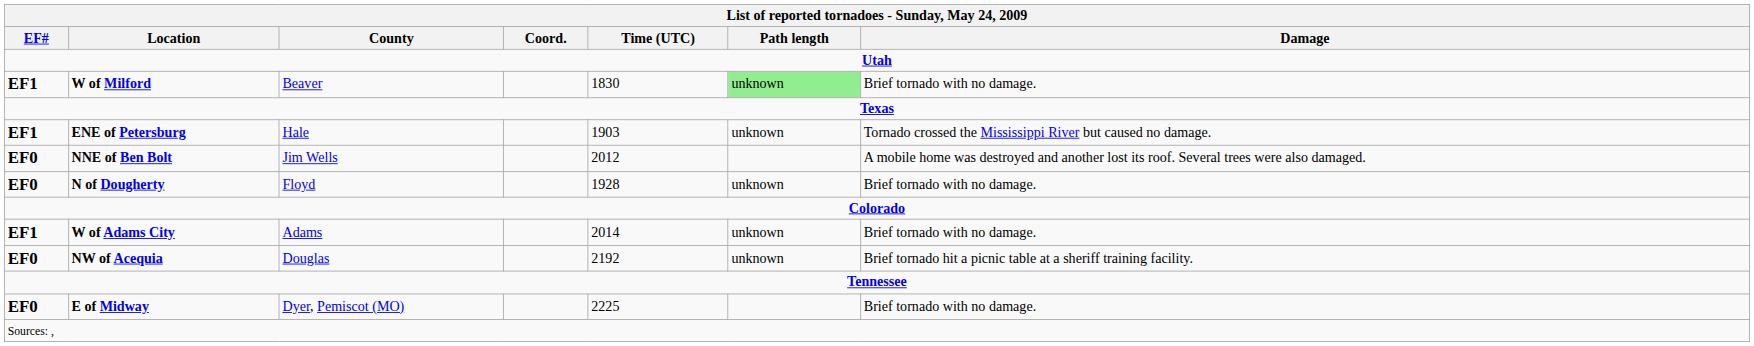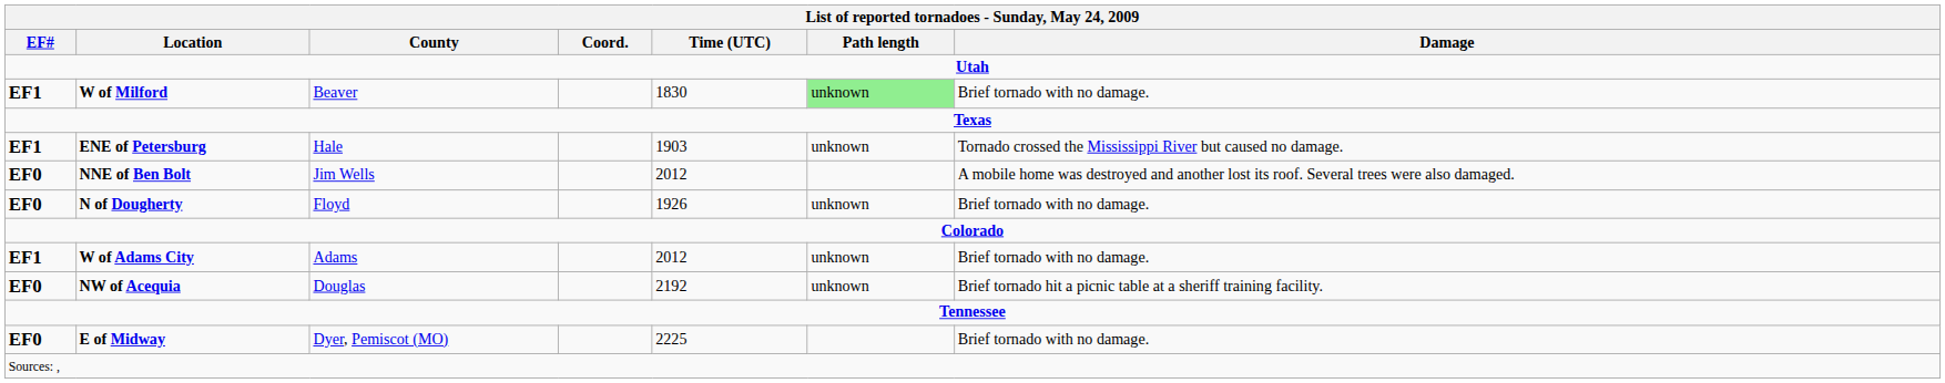 <table class="wikitable collapsible" width="100%">
 <tr>
 <th colspan="7">List of reported tornadoes - Sunday, May 24, 2009</th>
 </tr>
 <tr>
 <th><a href='#'>EF#</a></th>
 <th>Location</th>
 <th>County</th>
 <th>Coord.</th>
 <th>Time (UTC)</th>
 <th>Path length</th>
 <th>Damage</th>
 </tr>
 <tr>
 <td colspan="7" align=center><strong><a href='#'>Utah</a></strong></td>
 </tr>
 <tr>
 <td><big><strong>EF1</strong></big></td>
 <td><strong>W of <a href='#'>Milford</a></strong></td>
 <td><a href='#'>Beaver</a></td>
 <td></td>
 <td>1830</td>
 <td style="background: lightgreen;">unknown</td>
 <td>Brief tornado with no damage.</td>
 </tr>
 <tr>
 <td colspan="7" align=center><strong><a href='#'>Texas</a></strong></td>
 </tr>
 <tr>
 <td><big><strong>EF1</strong></big></td>
 <td><strong>ENE of <a href='#'>Petersburg</a></strong></td>
 <td><a href='#'>Hale</a></td>
 <td></td>
 <td>1903</td>
 <td>unknown</td>
 <td>Tornado crossed the <a href='#'>Mississippi River</a> but caused no damage.</td>
 </tr>
 <tr>
 <td><big><strong>EF0</strong></big></td>
 <td><strong>NNE of <a href='#'>Ben Bolt</a></strong></td>
 <td><a href='#'>Jim Wells</a></td>
 <td></td>
 <td>2012</td>
 <td></td>
 <td>A mobile home was destroyed and another lost its roof. Several trees were also damaged.</td>
 </tr>
 <tr>
 <td><big><strong>EF0</strong></big></td>
 <td><strong>N of <a href='#'>Dougherty</a></strong></td>
 <td><a href='#'>Floyd</a></td>
 <td></td>
-<td>1928</td>
+<td>1926</td>
 <td>unknown</td>
 <td>Brief tornado with no damage.</td>
 </tr>
 <tr>
 <td colspan="7" align=center><strong><a href='#'>Colorado</a></strong></td>
 </tr>
 <tr>
 <td><big><strong>EF1</strong></big></td>
 <td><strong>W of <a href='#'>Adams City</a></strong></td>
 <td><a href='#'>Adams</a></td>
 <td></td>
-<td>2014</td>
+<td>2012</td>
 <td>unknown</td>
 <td>Brief tornado with no damage.</td>
 </tr>
 <tr>
 <td><big><strong>EF0</strong></big></td>
 <td><strong>NW of <a href='#'>Acequia</a></strong></td>
 <td><a href='#'>Douglas</a></td>
 <td></td>
 <td>2192</td>
 <td>unknown</td>
 <td>Brief tornado hit a picnic table at a sheriff training facility.</td>
 </tr>
 <tr>
 <td colspan="7" align=center><strong><a href='#'>Tennessee</a></strong></td>
 </tr>
 <tr>
 <td><big><strong>EF0</strong></big></td>
 <td><strong>E of <a href='#'>Midway</a></strong></td>
 <td><a href='#'>Dyer</a>, <a href='#'>Pemiscot (MO)</a></td>
 <td></td>
 <td>2225</td>
 <td></td>
 <td>Brief tornado with no damage.</td>
 </tr>
 <tr>
 <td colspan="7"><small>Sources: , </small></td>
 </tr>
 </table>
